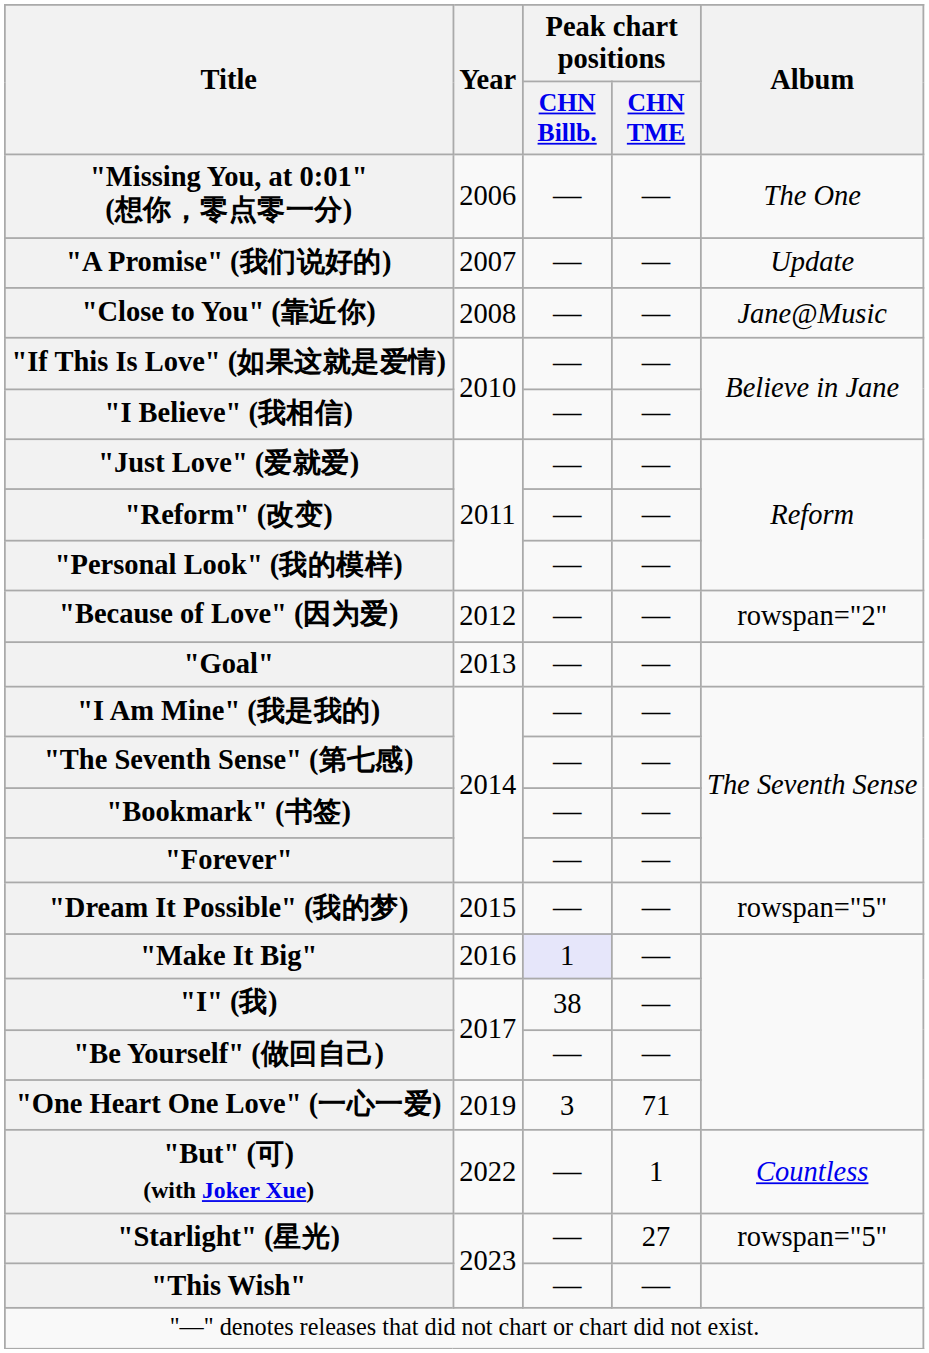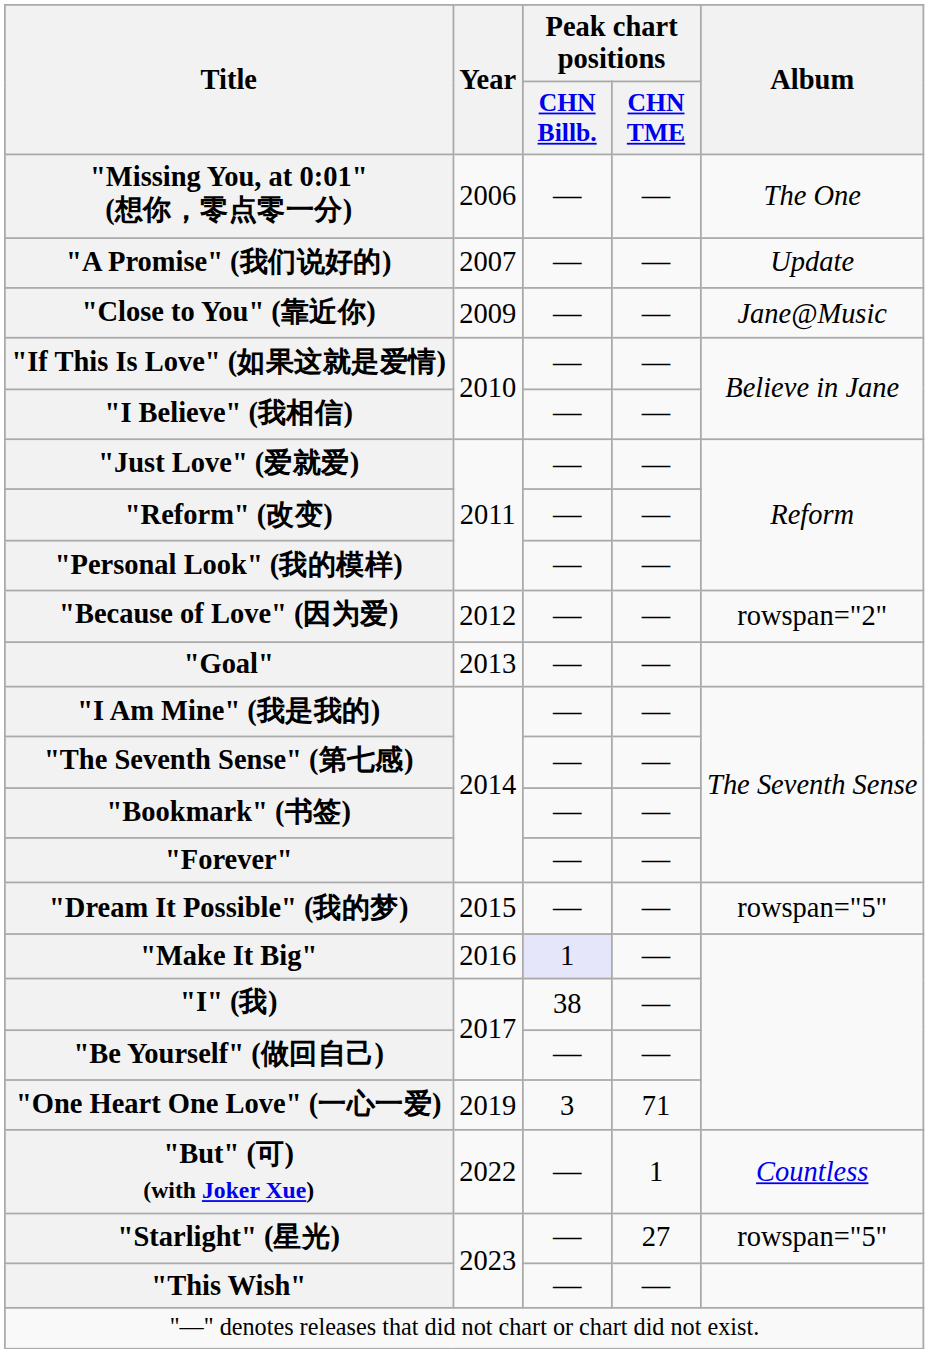 <table class="wikitable plainrowheaders" style="text-align:center;">
 <tr>
 <th rowspan="2" scope="col">Title</th>
 <th rowspan="2" scope="col">Year</th>
 <th colspan="2">Peak chart positions</th>
 <th rowspan="2" scope="col">Album</th>
 </tr>
 <tr>
 <th scope="col" style="width:3em;font-size:90%;"><a href='#'>CHN Billb.</a><br></th>
 <th scope="col" style="width:3em;font-size:90%;"><a href='#'>CHN TME</a><br></th>
 </tr>
 <tr>
 <th scope="row">"Missing You, at 0:01"<br>(想你，零点零一分)</th>
 <td>2006</td>
 <td>—</td>
 <td>—</td>
 <td><em>The One</em></td>
 </tr>
 <tr>
 <th scope="row">"A Promise" (我们说好的)</th>
 <td>2007</td>
 <td>—</td>
 <td>—</td>
 <td><em>Update</em></td>
 </tr>
 <tr>
 <th scope="row">"Close to You" (靠近你)</th>
-<td>2008</td>
+<td>2009</td>
 <td>—</td>
 <td>—</td>
 <td><em>Jane@Music</em></td>
 </tr>
 <tr>
 <th scope="row">"If This Is Love" (如果这就是爱情)</th>
 <td rowspan="2">2010</td>
 <td>—</td>
 <td>—</td>
 <td rowspan="2"><em>Believe in Jane</em></td>
 </tr>
 <tr>
 <th scope="row">"I Believe" (我相信)</th>
 <td>—</td>
 <td>—</td>
 </tr>
 <tr>
 <th scope="row">"Just Love" (爱就爱)</th>
 <td rowspan="3">2011</td>
 <td>—</td>
 <td>—</td>
 <td rowspan="3"><em>Reform</em></td>
 </tr>
 <tr>
 <th scope="row">"Reform" (改变)</th>
 <td>—</td>
 <td>—</td>
 </tr>
 <tr>
 <th scope="row">"Personal Look" (我的模样)</th>
 <td>—</td>
 <td>—</td>
 </tr>
 <tr>
 <th scope="row">"Because of Love" (因为爱)</th>
 <td>2012</td>
 <td>—</td>
 <td>—</td>
 <td>rowspan="2" </td>
 </tr>
 <tr>
 <th scope="row">"Goal"</th>
 <td>2013</td>
 <td>—</td>
 <td>—</td>
 </tr>
 <tr>
 <th scope="row">"I Am Mine" (我是我的)</th>
 <td rowspan="4">2014</td>
 <td>—</td>
 <td>—</td>
 <td rowspan="4"><em>The Seventh Sense</em></td>
 </tr>
 <tr>
 <th scope="row">"The Seventh Sense" (第七感)</th>
 <td>—</td>
 <td>—</td>
 </tr>
 <tr>
 <th scope="row">"Bookmark" (书签)</th>
 <td>—</td>
 <td>—</td>
 </tr>
 <tr>
 <th scope="row">"Forever"</th>
 <td>—</td>
 <td>—</td>
 </tr>
 <tr>
 <th scope="row">"Dream It Possible" (我的梦)</th>
 <td>2015</td>
 <td>—</td>
 <td>—</td>
 <td>rowspan="5" </td>
 </tr>
 <tr>
 <th scope="row">"Make It Big"</th>
 <td>2016</td>
 <td style="background: lavender;">1</td>
 <td>—</td>
 </tr>
 <tr>
 <th scope="row">"I" (我)</th>
 <td rowspan="2">2017</td>
 <td>38</td>
 <td>—</td>
 </tr>
 <tr>
 <th scope="row">"Be Yourself" (做回自己)</th>
 <td>—</td>
 <td>—</td>
 </tr>
 <tr>
 <th scope="row">"One Heart One Love" (一心一爱)</th>
 <td>2019</td>
 <td>3</td>
 <td>71</td>
 </tr>
 <tr>
 <th scope="row">"But" (可)<br><small>(with <a href='#'>Joker Xue</a>)</small></th>
 <td>2022</td>
 <td>—</td>
 <td>1</td>
 <td><em><a href='#'>Countless</a></em></td>
 </tr>
 <tr>
 <th scope="row">"Starlight" (星光)</th>
 <td rowspan="2">2023</td>
 <td>—</td>
 <td>27</td>
 <td>rowspan="5" </td>
 </tr>
 <tr>
 <th scope="row">"This Wish"</th>
 <td>—</td>
 <td>—</td>
 </tr>
 <tr>
 <td colspan="5" style="font-size:85%">"—" denotes releases that did not chart or chart did not exist.</td>
 </tr>
 </table>
